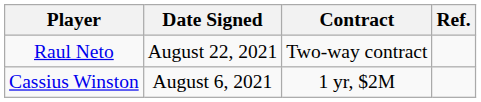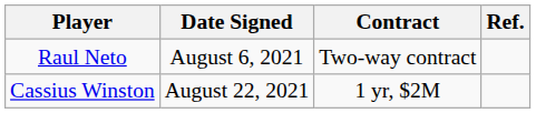 <table class="wikitable sortable sortable" style="text-align: center">
 <tr>
 <th>Player</th>
 <th>Date Signed</th>
 <th>Contract</th>
 <th>Ref.</th>
 </tr>
 <tr>
 <td><a href='#'>Raul Neto</a></td>
-<td>August 22, 2021</td>
+<td>August 6, 2021</td>
 <td>Two-way contract</td>
 <td></td>
 </tr>
 <tr>
 <td><a href='#'>Cassius Winston</a></td>
-<td>August 6, 2021</td>
+<td>August 22, 2021</td>
 <td>1 yr, $2M</td>
 <td></td>
 </tr>
 </table>
